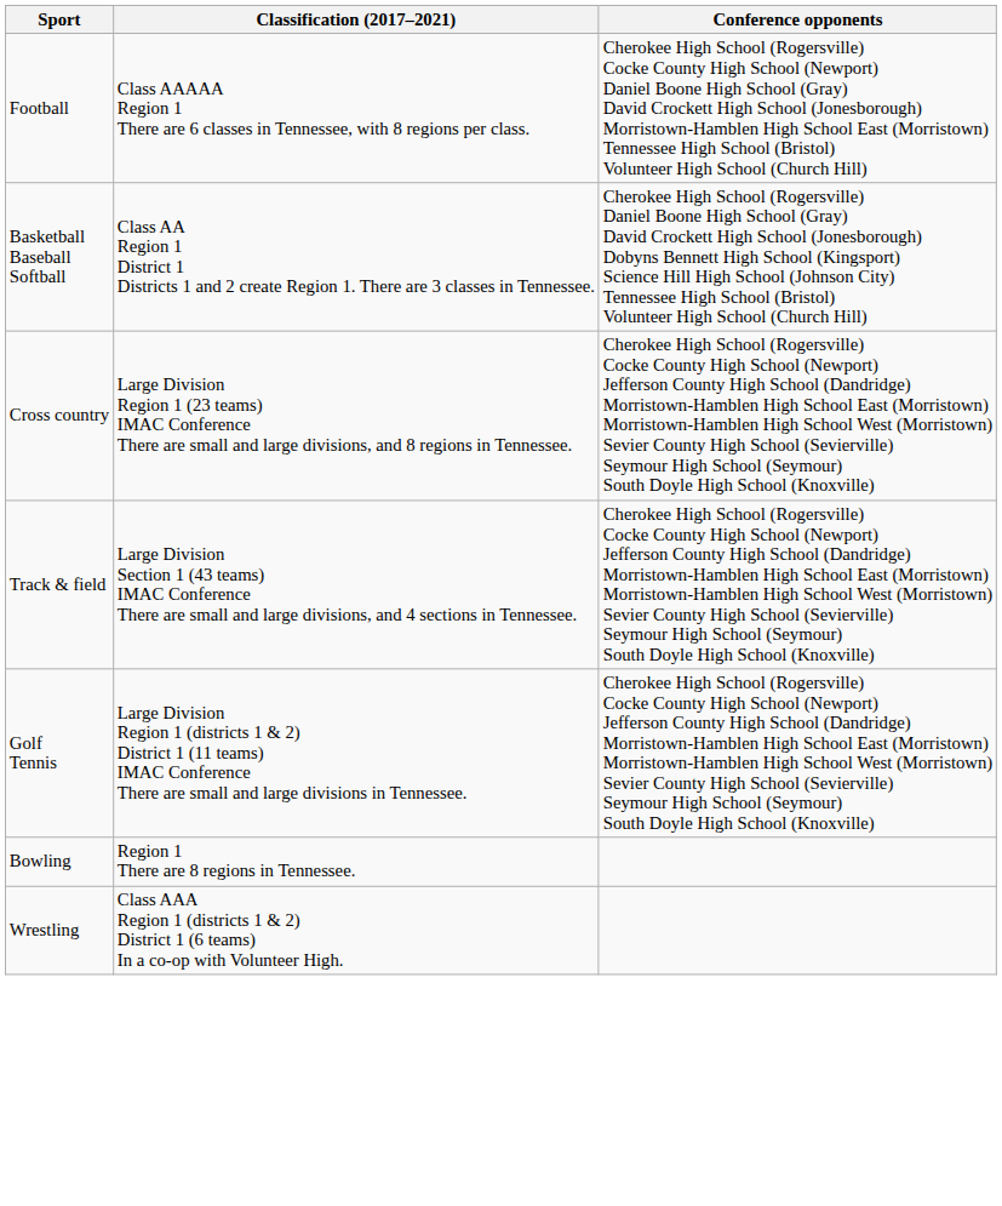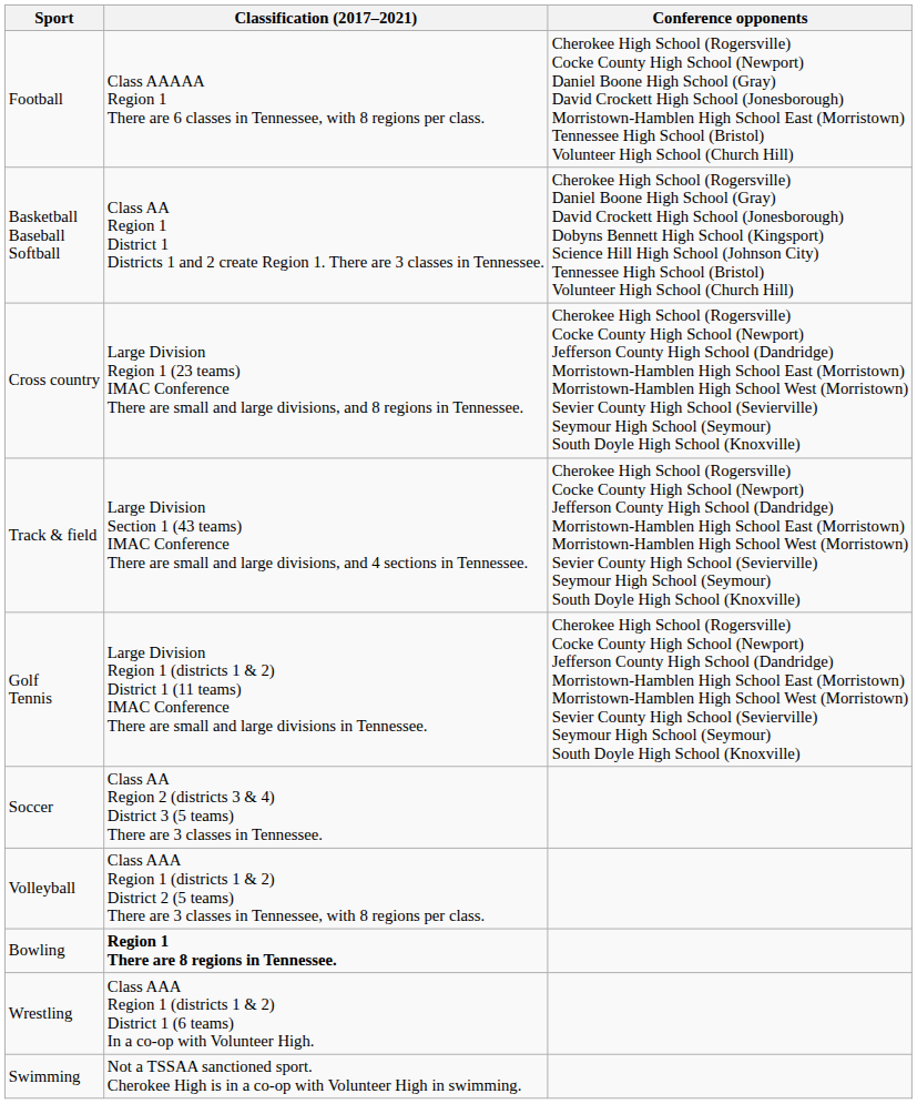 <table class="wikitable">
 <tr>
 <th>Sport</th>
 <th>Classification (2017–2021)</th>
 <th>Conference opponents</th>
 </tr>
 <tr>
 <td>Football</td>
 <td>Class AAAAA<br>Region 1<br>There are 6 classes in Tennessee, with 8 regions per class.</td>
 <td>Cherokee High School (Rogersville)<br>Cocke County High School (Newport)<br>Daniel Boone High School (Gray)<br>David Crockett High School (Jonesborough)<br>Morristown-Hamblen High School East (Morristown)<br>Tennessee High School (Bristol)<br>Volunteer High School (Church Hill)</td>
 </tr>
 <tr>
 <td>Basketball<br>Baseball<br>Softball</td>
 <td>Class AA<br>Region 1<br>District 1<br>Districts 1 and 2 create Region 1. There are 3 classes in Tennessee.</td>
 <td>Cherokee High School (Rogersville)<br>Daniel Boone High School (Gray)<br>David Crockett High School (Jonesborough)<br>Dobyns Bennett High School (Kingsport)<br>Science Hill High School (Johnson City)<br>Tennessee High School (Bristol)<br>Volunteer High School (Church Hill)</td>
 </tr>
 <tr>
 <td>Cross country</td>
 <td>Large Division<br>Region 1 (23 teams)<br>IMAC Conference<br>There are small and large divisions, and 8 regions in Tennessee.</td>
 <td>Cherokee High School (Rogersville)<br>Cocke County High School (Newport)<br>Jefferson County High School (Dandridge)<br>Morristown-Hamblen High School East (Morristown)<br>Morristown-Hamblen High School West (Morristown)<br>Sevier County High School (Sevierville)<br>Seymour High School (Seymour)<br>South Doyle High School (Knoxville)</td>
 </tr>
 <tr>
 <td>Track & field</td>
 <td>Large Division<br>Section 1 (43 teams)<br>IMAC Conference<br>There are small and large divisions, and 4 sections in Tennessee.</td>
 <td>Cherokee High School (Rogersville)<br>Cocke County High School (Newport)<br>Jefferson County High School (Dandridge)<br>Morristown-Hamblen High School East (Morristown)<br>Morristown-Hamblen High School West (Morristown)<br>Sevier County High School (Sevierville)<br>Seymour High School (Seymour)<br>South Doyle High School (Knoxville)</td>
 </tr>
 <tr>
 <td>Golf<br>Tennis</td>
 <td>Large Division<br>Region 1 (districts 1 & 2)<br>District 1 (11 teams)<br>IMAC Conference<br>There are small and large divisions in Tennessee.</td>
 <td>Cherokee High School (Rogersville)<br>Cocke County High School (Newport)<br>Jefferson County High School (Dandridge)<br>Morristown-Hamblen High School East (Morristown)<br>Morristown-Hamblen High School West (Morristown)<br>Sevier County High School (Sevierville)<br>Seymour High School (Seymour)<br>South Doyle High School (Knoxville)</td>
 </tr>
 <tr>
+<td>Soccer</td>
+<td>Class AA<br>Region 2 (districts 3 & 4)<br>District 3 (5 teams)<br>There are 3 classes in Tennessee.</td>
+<td></td>
+</tr>
+<tr>
+<td>Volleyball</td>
+<td>Class AAA<br>Region 1 (districts 1 & 2)<br>District 2 (5 teams)<br>There are 3 classes in Tennessee, with 8 regions per class.</td>
+<td></td>
+</tr>
+<tr>
 <td>Bowling</td>
-<td>Region 1<br>There are 8 regions in Tennessee.</td>
+<td><strong>Region 1<br>There are 8 regions in Tennessee.</strong></td>
 <td></td>
 </tr>
 <tr>
 <td>Wrestling</td>
 <td>Class AAA<br>Region 1 (districts 1 & 2)<br>District 1 (6 teams)<br>In a co-op with Volunteer High.</td>
 <td></td>
 </tr>
+<tr>
+<td>Swimming</td>
+<td>Not a TSSAA sanctioned sport.<br>Cherokee High is in a co-op with Volunteer High in swimming.</td>
+<td></td>
+</tr>
 </table>
